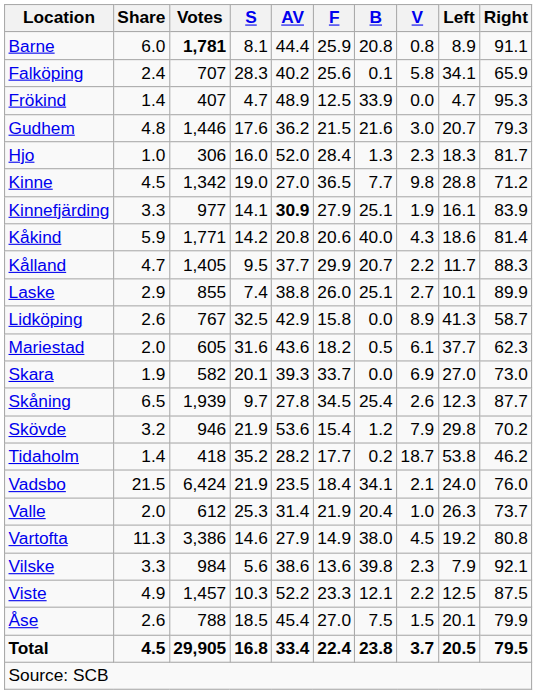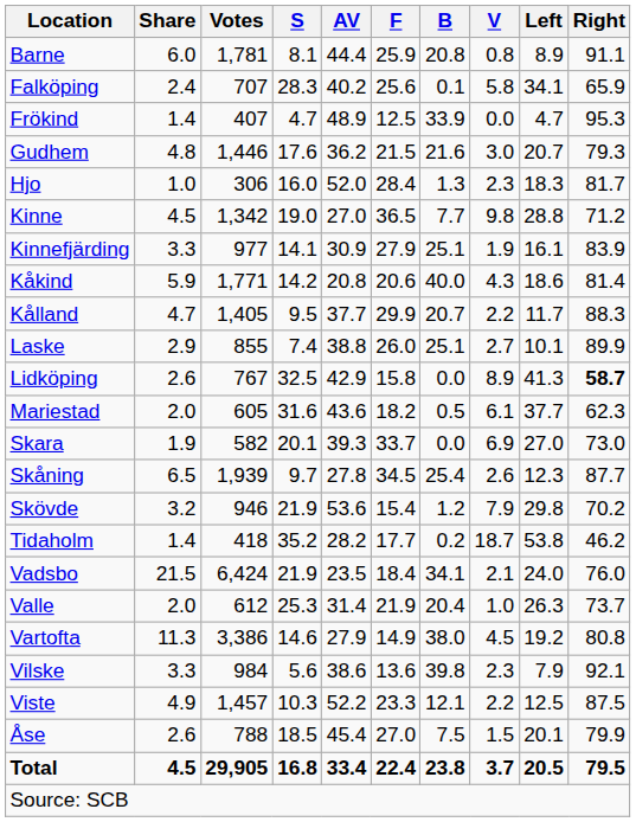 <table class="wikitable sortable" style=text-align:right>
 <tr>
 <th>Location</th>
 <th>Share</th>
 <th>Votes</th>
 <th><a href='#'>S</a></th>
 <th><a href='#'>AV</a></th>
 <th><a href='#'>F</a></th>
 <th><a href='#'>B</a></th>
 <th><a href='#'>V</a></th>
 <th>Left</th>
 <th>Right</th>
 </tr>
 <tr>
 <td align=left><a href='#'>Barne</a></td>
 <td>6.0</td>
-<td><strong>1,781</strong></td>
+<td>1,781</td>
 <td>8.1</td>
 <td>44.4</td>
 <td>25.9</td>
 <td>20.8</td>
 <td>0.8</td>
 <td>8.9</td>
 <td>91.1</td>
 </tr>
 <tr>
 <td align=left><a href='#'>Falköping</a></td>
 <td>2.4</td>
 <td>707</td>
 <td>28.3</td>
 <td>40.2</td>
 <td>25.6</td>
 <td>0.1</td>
 <td>5.8</td>
 <td>34.1</td>
 <td>65.9</td>
 </tr>
 <tr>
 <td align=left><a href='#'>Frökind</a></td>
 <td>1.4</td>
 <td>407</td>
 <td>4.7</td>
 <td>48.9</td>
 <td>12.5</td>
 <td>33.9</td>
 <td>0.0</td>
 <td>4.7</td>
 <td>95.3</td>
 </tr>
 <tr>
 <td align=left><a href='#'>Gudhem</a></td>
 <td>4.8</td>
 <td>1,446</td>
 <td>17.6</td>
 <td>36.2</td>
 <td>21.5</td>
 <td>21.6</td>
 <td>3.0</td>
 <td>20.7</td>
 <td>79.3</td>
 </tr>
 <tr>
 <td align=left><a href='#'>Hjo</a></td>
 <td>1.0</td>
 <td>306</td>
 <td>16.0</td>
 <td>52.0</td>
 <td>28.4</td>
 <td>1.3</td>
 <td>2.3</td>
 <td>18.3</td>
 <td>81.7</td>
 </tr>
 <tr>
 <td align=left><a href='#'>Kinne</a></td>
 <td>4.5</td>
 <td>1,342</td>
 <td>19.0</td>
 <td>27.0</td>
 <td>36.5</td>
 <td>7.7</td>
 <td>9.8</td>
 <td>28.8</td>
 <td>71.2</td>
 </tr>
 <tr>
 <td align=left><a href='#'>Kinnefjärding</a></td>
 <td>3.3</td>
 <td>977</td>
 <td>14.1</td>
-<td><strong>30.9</strong></td>
+<td>30.9</td>
 <td>27.9</td>
 <td>25.1</td>
 <td>1.9</td>
 <td>16.1</td>
 <td>83.9</td>
 </tr>
 <tr>
 <td align=left><a href='#'>Kåkind</a></td>
 <td>5.9</td>
 <td>1,771</td>
 <td>14.2</td>
 <td>20.8</td>
 <td>20.6</td>
 <td>40.0</td>
 <td>4.3</td>
 <td>18.6</td>
 <td>81.4</td>
 </tr>
 <tr>
 <td align=left><a href='#'>Kålland</a></td>
 <td>4.7</td>
 <td>1,405</td>
 <td>9.5</td>
 <td>37.7</td>
 <td>29.9</td>
 <td>20.7</td>
 <td>2.2</td>
 <td>11.7</td>
 <td>88.3</td>
 </tr>
 <tr>
 <td align=left><a href='#'>Laske</a></td>
 <td>2.9</td>
 <td>855</td>
 <td>7.4</td>
 <td>38.8</td>
 <td>26.0</td>
 <td>25.1</td>
 <td>2.7</td>
 <td>10.1</td>
 <td>89.9</td>
 </tr>
 <tr>
 <td align=left><a href='#'>Lidköping</a></td>
 <td>2.6</td>
 <td>767</td>
 <td>32.5</td>
 <td>42.9</td>
 <td>15.8</td>
 <td>0.0</td>
 <td>8.9</td>
 <td>41.3</td>
-<td>58.7</td>
+<td><strong>58.7</strong></td>
 </tr>
 <tr>
 <td align=left><a href='#'>Mariestad</a></td>
 <td>2.0</td>
 <td>605</td>
 <td>31.6</td>
 <td>43.6</td>
 <td>18.2</td>
 <td>0.5</td>
 <td>6.1</td>
 <td>37.7</td>
 <td>62.3</td>
 </tr>
 <tr>
 <td align=left><a href='#'>Skara</a></td>
 <td>1.9</td>
 <td>582</td>
 <td>20.1</td>
 <td>39.3</td>
 <td>33.7</td>
 <td>0.0</td>
 <td>6.9</td>
 <td>27.0</td>
 <td>73.0</td>
 </tr>
 <tr>
 <td align=left><a href='#'>Skåning</a></td>
 <td>6.5</td>
 <td>1,939</td>
 <td>9.7</td>
 <td>27.8</td>
 <td>34.5</td>
 <td>25.4</td>
 <td>2.6</td>
 <td>12.3</td>
 <td>87.7</td>
 </tr>
 <tr>
 <td align=left><a href='#'>Skövde</a></td>
 <td>3.2</td>
 <td>946</td>
 <td>21.9</td>
 <td>53.6</td>
 <td>15.4</td>
 <td>1.2</td>
 <td>7.9</td>
 <td>29.8</td>
 <td>70.2</td>
 </tr>
 <tr>
 <td align=left><a href='#'>Tidaholm</a></td>
 <td>1.4</td>
 <td>418</td>
 <td>35.2</td>
 <td>28.2</td>
 <td>17.7</td>
 <td>0.2</td>
 <td>18.7</td>
 <td>53.8</td>
 <td>46.2</td>
 </tr>
 <tr>
 <td align=left><a href='#'>Vadsbo</a></td>
 <td>21.5</td>
 <td>6,424</td>
 <td>21.9</td>
 <td>23.5</td>
 <td>18.4</td>
 <td>34.1</td>
 <td>2.1</td>
 <td>24.0</td>
 <td>76.0</td>
 </tr>
 <tr>
 <td align=left><a href='#'>Valle</a></td>
 <td>2.0</td>
 <td>612</td>
 <td>25.3</td>
 <td>31.4</td>
 <td>21.9</td>
 <td>20.4</td>
 <td>1.0</td>
 <td>26.3</td>
 <td>73.7</td>
 </tr>
 <tr>
 <td align=left><a href='#'>Vartofta</a></td>
 <td>11.3</td>
 <td>3,386</td>
 <td>14.6</td>
 <td>27.9</td>
 <td>14.9</td>
 <td>38.0</td>
 <td>4.5</td>
 <td>19.2</td>
 <td>80.8</td>
 </tr>
 <tr>
 <td align=left><a href='#'>Vilske</a></td>
 <td>3.3</td>
 <td>984</td>
 <td>5.6</td>
 <td>38.6</td>
 <td>13.6</td>
 <td>39.8</td>
 <td>2.3</td>
 <td>7.9</td>
 <td>92.1</td>
 </tr>
 <tr>
 <td align=left><a href='#'>Viste</a></td>
 <td>4.9</td>
 <td>1,457</td>
 <td>10.3</td>
 <td>52.2</td>
 <td>23.3</td>
 <td>12.1</td>
 <td>2.2</td>
 <td>12.5</td>
 <td>87.5</td>
 </tr>
 <tr>
 <td align=left><a href='#'>Åse</a></td>
 <td>2.6</td>
 <td>788</td>
 <td>18.5</td>
 <td>45.4</td>
 <td>27.0</td>
 <td>7.5</td>
 <td>1.5</td>
 <td>20.1</td>
 <td>79.9</td>
 </tr>
 <tr>
 <td align=left><strong>Total</strong></td>
 <td><strong>4.5</strong></td>
 <td><strong>29,905</strong></td>
 <td><strong>16.8</strong></td>
 <td><strong>33.4</strong></td>
 <td><strong>22.4</strong></td>
 <td><strong>23.8</strong></td>
 <td><strong>3.7</strong></td>
 <td><strong>20.5</strong></td>
 <td><strong>79.5</strong></td>
 </tr>
 <tr>
 <td align=left colspan=10>Source: SCB </td>
 </tr>
 </table>
